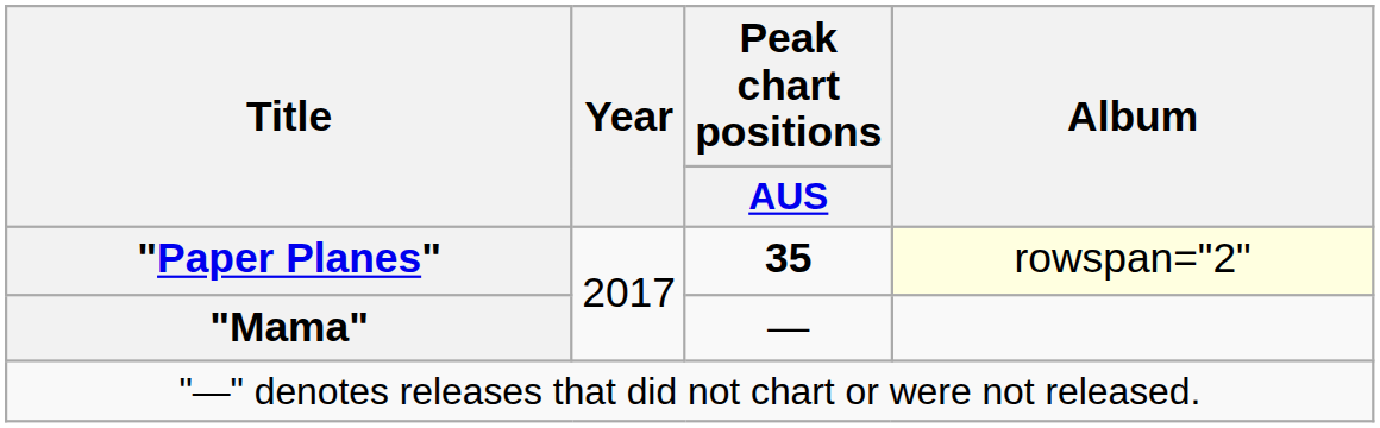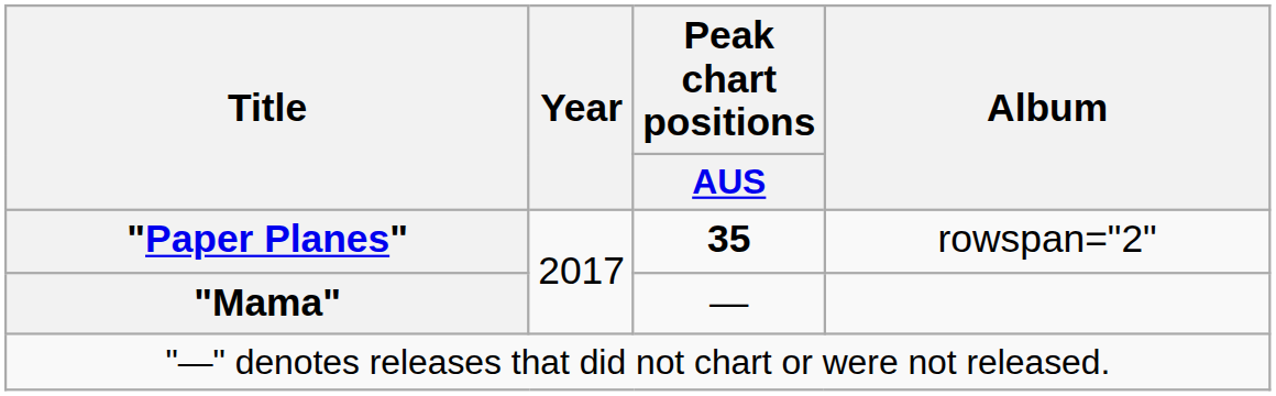 <table class="wikitable plainrowheaders" style="text-align:center;">
 <tr>
 <th scope="col" rowspan="2" style="width:13em;">Title</th>
 <th scope="col" rowspan="2" style="width:1em;">Year</th>
 <th scope="col" colspan="1">Peak chart positions</th>
 <th scope="col" rowspan="2" style="width:11em;">Album</th>
 </tr>
 <tr>
 <th scope="col" style="width:3em;font-size:90%;"><a href='#'>AUS</a><br></th>
 </tr>
 <tr>
 <th scope="row">"<a href='#'>Paper Planes</a>"</th>
 <td rowspan="2">2017</td>
 <td><strong>35</strong></td>
-<td style="background: lightyellow;">rowspan="2" </td>
+<td>rowspan="2" </td>
 </tr>
 <tr>
 <th scope="row">"Mama" <br> </th>
 <td>—</td>
 </tr>
 <tr>
 <td align="center" colspan="6" style="font-size:90%">"—" denotes releases that did not chart or were not released.</td>
 </tr>
 </table>
